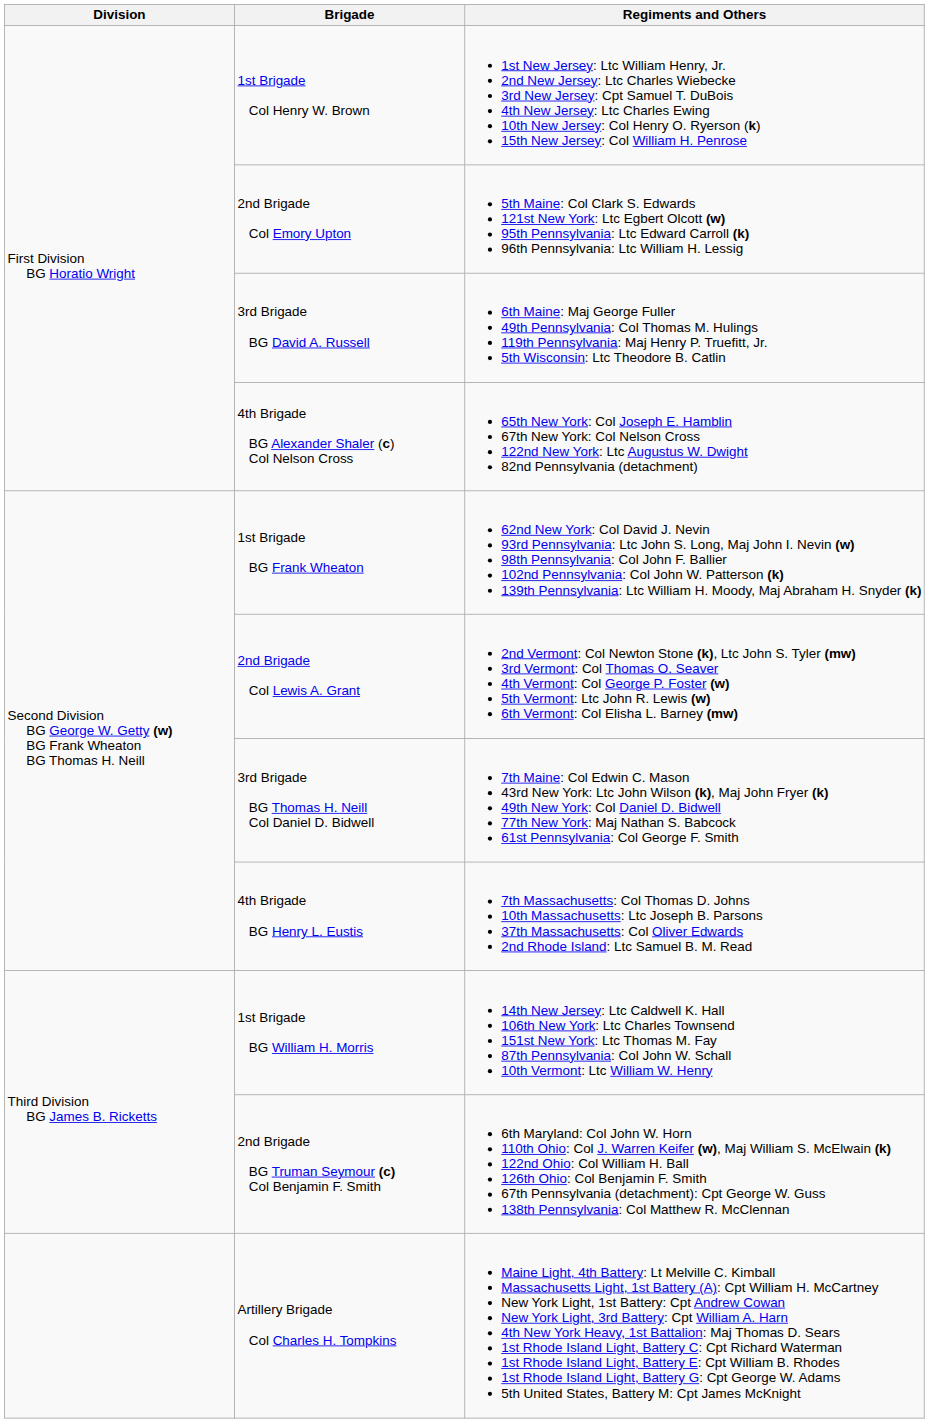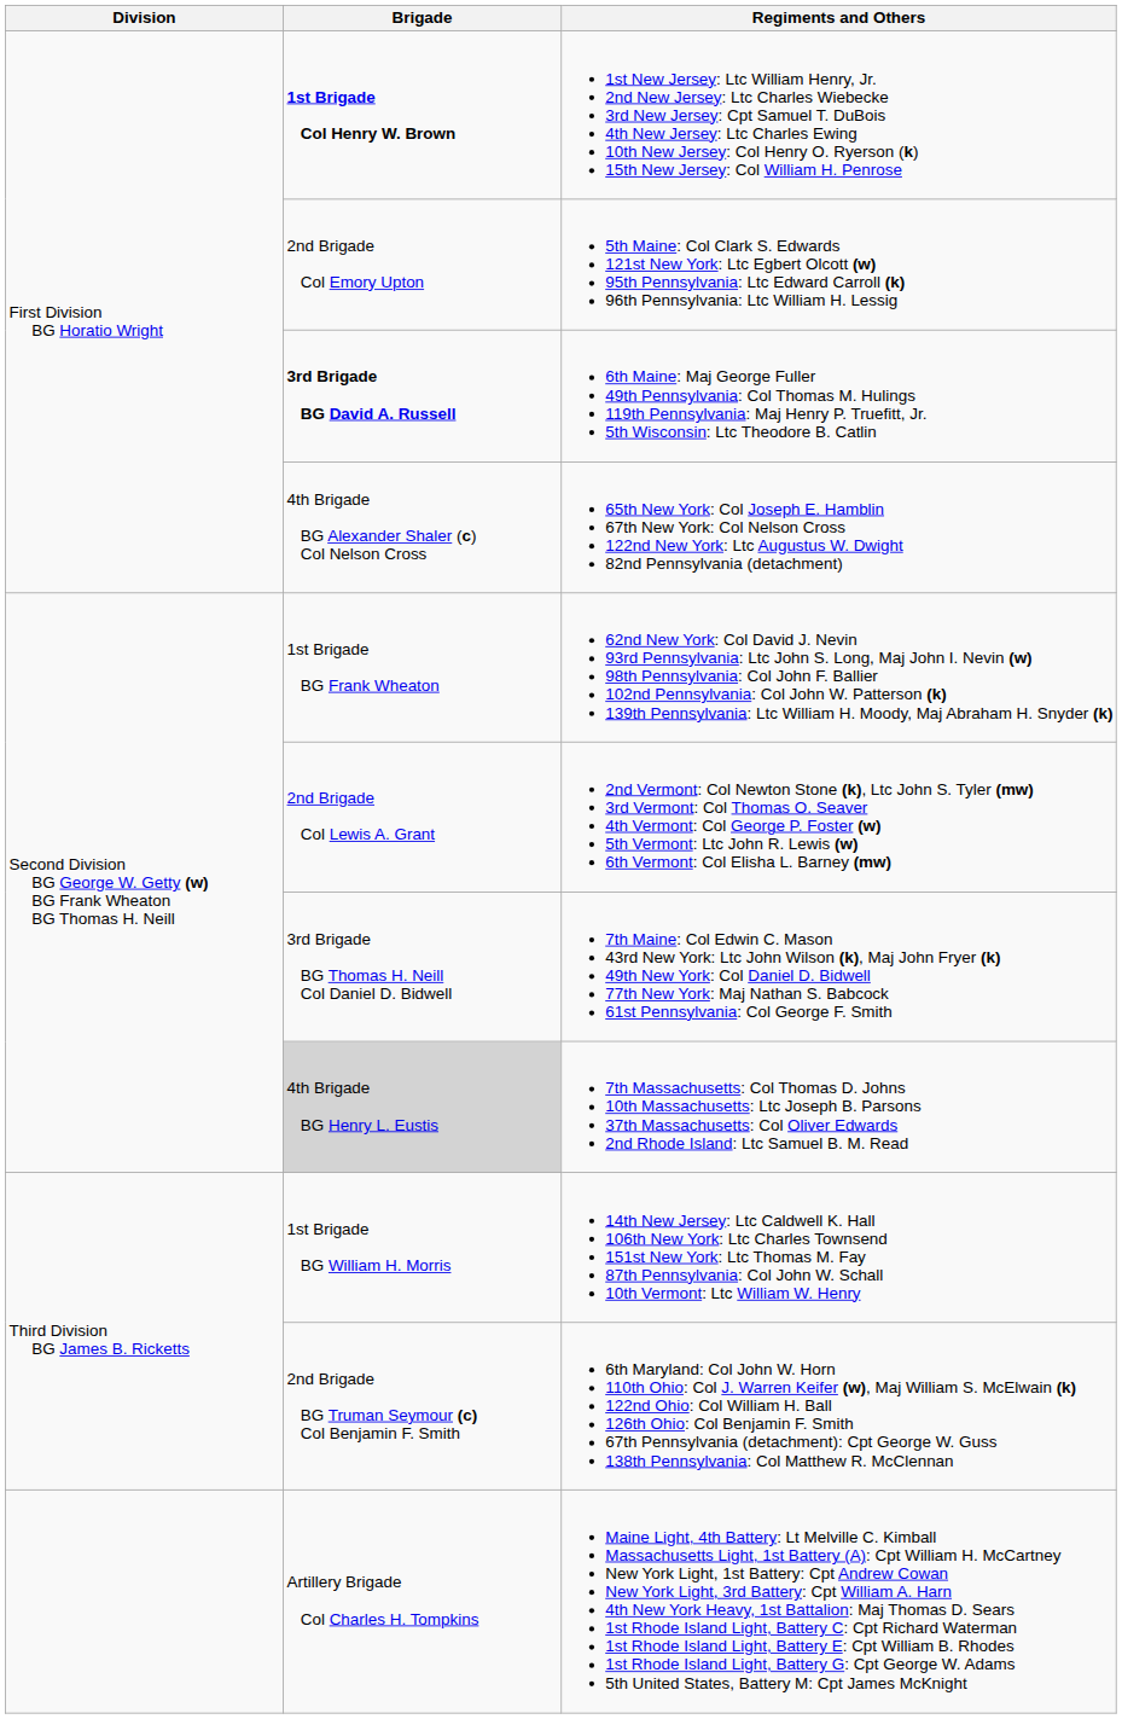 <table class="wikitable">
 <tr>
 <th width=25%>Division</th>
 <th width=25%>Brigade</th>
 <th>Regiments and Others</th>
 </tr>
 <tr>
 <td rowspan=4><br>First Division <br>     BG <a href='#'>Horatio Wright</a></td>
-<td><a href='#'>1st Brigade</a><br><br>   Col Henry W. Brown</td>
+<td><strong><a href='#'>1st Brigade</a><br><br>   Col Henry W. Brown</strong></td>
 <td><br><ul><li><a href='#'>1st New Jersey</a>: Ltc William Henry, Jr.</li><li><a href='#'>2nd New Jersey</a>: Ltc Charles Wiebecke</li><li><a href='#'>3rd New Jersey</a>: Cpt Samuel T. DuBois</li><li><a href='#'>4th New Jersey</a>: Ltc Charles Ewing</li><li><a href='#'>10th New Jersey</a>: Col Henry O. Ryerson (<strong>k</strong>)</li><li><a href='#'>15th New Jersey</a>: Col <a href='#'>William H. Penrose</a></li></ul></td>
 </tr>
 <tr>
 <td>2nd Brigade<br><br>   Col <a href='#'>Emory Upton</a></td>
 <td><br><ul><li><a href='#'>5th Maine</a>: Col Clark S. Edwards</li><li><a href='#'>121st New York</a>: Ltc Egbert Olcott <strong>(w)</strong></li><li><a href='#'>95th Pennsylvania</a>: Ltc Edward Carroll <strong>(k)</strong></li><li>96th Pennsylvania: Ltc William H. Lessig</li></ul></td>
 </tr>
 <tr>
-<td>3rd Brigade<br><br>   BG <a href='#'>David A. Russell</a></td>
+<td><strong>3rd Brigade<br><br>   BG <a href='#'>David A. Russell</a></strong></td>
 <td><br><ul><li><a href='#'>6th Maine</a>: Maj George Fuller</li><li><a href='#'>49th Pennsylvania</a>: Col Thomas M. Hulings</li><li><a href='#'>119th Pennsylvania</a>: Maj Henry P. Truefitt, Jr.</li><li><a href='#'>5th Wisconsin</a>: Ltc Theodore B. Catlin</li></ul></td>
 </tr>
 <tr>
 <td>4th Brigade<br><br>   BG <a href='#'>Alexander Shaler</a> (<strong>c</strong>) <br>   Col Nelson Cross</td>
 <td><br><ul><li><a href='#'>65th New York</a>: Col <a href='#'>Joseph E. Hamblin</a></li><li>67th New York: Col Nelson Cross</li><li><a href='#'>122nd New York</a>: Ltc <a href='#'>Augustus W. Dwight</a></li><li>82nd Pennsylvania (detachment)</li></ul></td>
 </tr>
 <tr>
 <td rowspan=4><br>Second Division <br>     BG <a href='#'>George W. Getty</a> <strong>(w)</strong> <br>     BG Frank Wheaton <br>     BG Thomas H. Neill</td>
 <td>1st Brigade<br><br>   BG <a href='#'>Frank Wheaton</a></td>
 <td><br><ul><li><a href='#'>62nd New York</a>: Col David J. Nevin</li><li><a href='#'>93rd Pennsylvania</a>: Ltc John S. Long, Maj John I. Nevin <strong>(w)</strong></li><li><a href='#'>98th Pennsylvania</a>: Col John F. Ballier</li><li><a href='#'>102nd Pennsylvania</a>: Col John W. Patterson <strong>(k)</strong></li><li><a href='#'>139th Pennsylvania</a>: Ltc William H. Moody, Maj Abraham H. Snyder <strong>(k)</strong></li></ul></td>
 </tr>
 <tr>
 <td><a href='#'>2nd Brigade</a><br><br>   Col <a href='#'>Lewis A. Grant</a></td>
 <td><br><ul><li><a href='#'>2nd Vermont</a>: Col Newton Stone <strong>(k)</strong>, Ltc John S. Tyler <strong>(mw)</strong></li><li><a href='#'>3rd Vermont</a>: Col <a href='#'>Thomas O. Seaver</a></li><li><a href='#'>4th Vermont</a>: Col <a href='#'>George P. Foster</a> <strong>(w)</strong></li><li><a href='#'>5th Vermont</a>: Ltc John R. Lewis <strong>(w)</strong></li><li><a href='#'>6th Vermont</a>: Col Elisha L. Barney <strong>(mw)</strong></li></ul></td>
 </tr>
 <tr>
 <td>3rd Brigade<br><br>   BG <a href='#'>Thomas H. Neill</a> <br>   Col Daniel D. Bidwell</td>
 <td><br><ul><li><a href='#'>7th Maine</a>: Col Edwin C. Mason</li><li>43rd New York: Ltc John Wilson <strong>(k)</strong>, Maj John Fryer <strong>(k)</strong></li><li><a href='#'>49th New York</a>: Col <a href='#'>Daniel D. Bidwell</a></li><li><a href='#'>77th New York</a>: Maj Nathan S. Babcock</li><li><a href='#'>61st Pennsylvania</a>: Col George F. Smith</li></ul></td>
 </tr>
 <tr>
-<td>4th Brigade<br><br>   BG <a href='#'>Henry L. Eustis</a></td>
+<td style="background: lightgrey;">4th Brigade<br><br>   BG <a href='#'>Henry L. Eustis</a></td>
 <td><br><ul><li><a href='#'>7th Massachusetts</a>: Col Thomas D. Johns</li><li><a href='#'>10th Massachusetts</a>: Ltc Joseph B. Parsons</li><li><a href='#'>37th Massachusetts</a>: Col <a href='#'>Oliver Edwards</a></li><li><a href='#'>2nd Rhode Island</a>: Ltc Samuel B. M. Read</li></ul></td>
 </tr>
 <tr>
 <td rowspan=2><br>Third Division <br>     BG <a href='#'>James B. Ricketts</a></td>
 <td>1st Brigade<br><br>   BG <a href='#'>William H. Morris</a></td>
 <td><br><ul><li><a href='#'>14th New Jersey</a>: Ltc Caldwell K. Hall</li><li><a href='#'>106th New York</a>: Ltc Charles Townsend</li><li><a href='#'>151st New York</a>: Ltc Thomas M. Fay</li><li><a href='#'>87th Pennsylvania</a>: Col John W. Schall</li><li><a href='#'>10th Vermont</a>: Ltc <a href='#'>William W. Henry</a></li></ul></td>
 </tr>
 <tr>
 <td>2nd Brigade<br><br>   BG <a href='#'>Truman Seymour</a> <strong>(c)</strong> <br>   Col Benjamin F. Smith</td>
 <td><br><ul><li>6th Maryland: Col John W. Horn</li><li><a href='#'>110th Ohio</a>: Col <a href='#'>J. Warren Keifer</a> <strong>(w)</strong>, Maj William S. McElwain <strong>(k)</strong></li><li><a href='#'>122nd Ohio</a>: Col William H. Ball</li><li><a href='#'>126th Ohio</a>: Col Benjamin F. Smith</li><li>67th Pennsylvania (detachment): Cpt George W. Guss</li><li><a href='#'>138th Pennsylvania</a>: Col Matthew R. McClennan</li></ul></td>
 </tr>
 <tr>
 <td></td>
 <td>Artillery Brigade<br><br>   Col <a href='#'>Charles H. Tompkins</a></td>
 <td><br><ul><li><a href='#'>Maine Light, 4th Battery</a>: Lt Melville C. Kimball</li><li><a href='#'>Massachusetts Light, 1st Battery (A)</a>: Cpt William H. McCartney</li><li>New York Light, 1st Battery: Cpt <a href='#'>Andrew Cowan</a></li><li><a href='#'>New York Light, 3rd Battery</a>: Cpt <a href='#'>William A. Harn</a></li><li><a href='#'>4th New York Heavy, 1st Battalion</a>: Maj Thomas D. Sears</li><li><a href='#'>1st Rhode Island Light, Battery C</a>: Cpt Richard Waterman</li><li><a href='#'>1st Rhode Island Light, Battery E</a>: Cpt William B. Rhodes</li><li><a href='#'>1st Rhode Island Light, Battery G</a>: Cpt George W. Adams</li><li>5th United States, Battery M: Cpt James McKnight</li></ul></td>
 </tr>
 </table>
